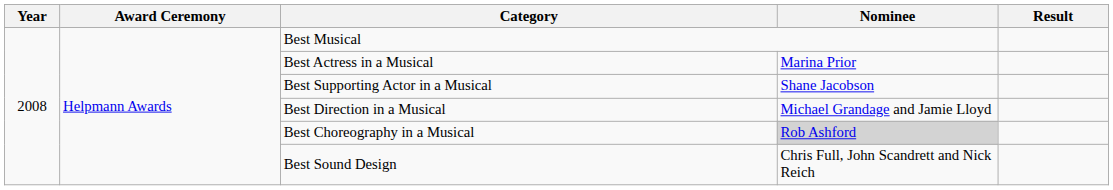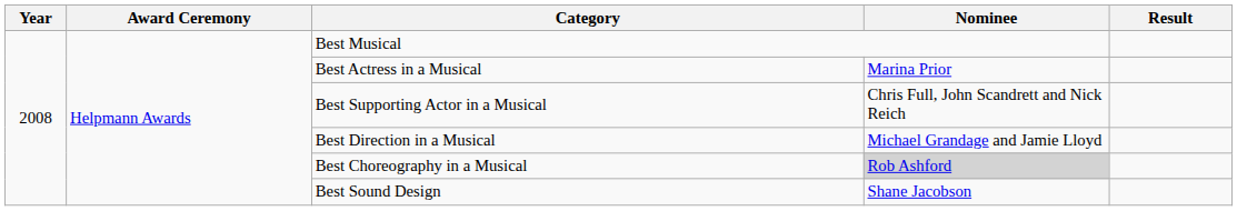 <table class="wikitable" style="width:95%;">
 <tr>
 <th style="width:5%;">Year</th>
 <th style="width:20%;">Award Ceremony</th>
 <th style="width:45%;">Category</th>
 <th style="width:20%;">Nominee</th>
 <th style="width:10%;">Result</th>
 </tr>
 <tr>
 <td rowspan="6" style="text-align:center;">2008</td>
 <td rowspan="6"><a href='#'>Helpmann Awards</a></td>
 <td colspan="2">Best Musical</td>
 <td></td>
 </tr>
 <tr>
 <td>Best Actress in a Musical</td>
 <td><a href='#'>Marina Prior</a></td>
 <td></td>
 </tr>
 <tr>
 <td>Best Supporting Actor in a Musical</td>
-<td><a href='#'>Shane Jacobson</a></td>
+<td>Chris Full, John Scandrett and Nick Reich</td>
 <td></td>
 </tr>
 <tr>
 <td>Best Direction in a Musical</td>
 <td><a href='#'>Michael Grandage</a> and Jamie Lloyd</td>
 <td></td>
 </tr>
 <tr>
 <td>Best Choreography in a Musical</td>
 <td style="background: lightgrey;"><a href='#'>Rob Ashford</a></td>
 <td></td>
 </tr>
 <tr>
 <td>Best Sound Design</td>
-<td>Chris Full, John Scandrett and Nick Reich</td>
+<td><a href='#'>Shane Jacobson</a></td>
 <td></td>
 </tr>
 </table>
